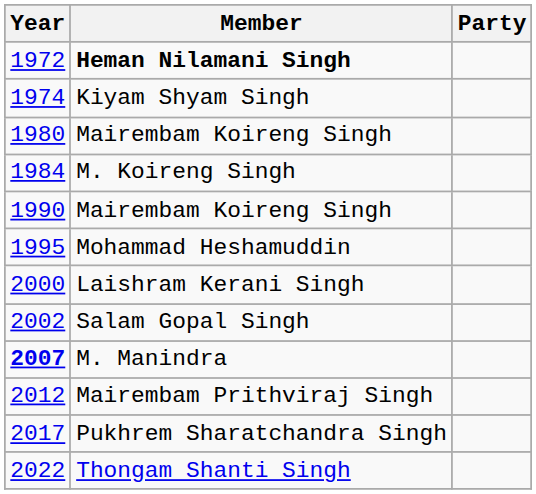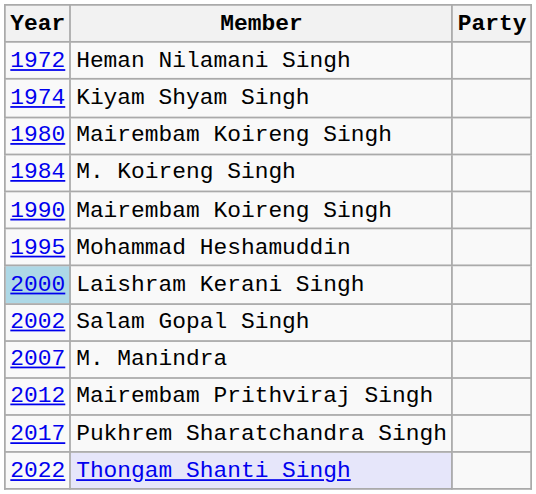 <table class="wikitable sortable">
 <tr>
 <th>Year</th>
 <th>Member</th>
 <th colspan="2">Party</th>
 </tr>
 <tr>
 <td><a href='#'>1972</a></td>
-<td><strong>Heman Nilamani Singh</strong></td>
+<td>Heman Nilamani Singh</td>
 <td></td>
 </tr>
 <tr>
 <td><a href='#'>1974</a></td>
 <td>Kiyam Shyam Singh</td>
 <td></td>
 </tr>
 <tr>
 <td><a href='#'>1980</a></td>
 <td>Mairembam Koireng Singh</td>
 <td></td>
 </tr>
 <tr>
 <td><a href='#'>1984</a></td>
 <td>M. Koireng Singh</td>
 </tr>
 <tr>
 <td><a href='#'>1990</a></td>
 <td>Mairembam Koireng Singh</td>
 <td></td>
 </tr>
 <tr>
 <td><a href='#'>1995</a></td>
 <td>Mohammad Heshamuddin</td>
 <td></td>
 </tr>
 <tr>
-<td><a href='#'>2000</a></td>
+<td style="background: lightblue;"><a href='#'>2000</a></td>
 <td>Laishram Kerani Singh</td>
 <td></td>
 </tr>
 <tr>
 <td><a href='#'>2002</a></td>
 <td>Salam Gopal Singh</td>
 <td></td>
 </tr>
 <tr>
-<td><strong><a href='#'>2007</a></strong></td>
+<td><a href='#'>2007</a></td>
 <td>M. Manindra</td>
 <td></td>
 </tr>
 <tr>
 <td><a href='#'>2012</a></td>
 <td>Mairembam Prithviraj Singh</td>
 </tr>
 <tr>
 <td><a href='#'>2017</a></td>
 <td>Pukhrem Sharatchandra Singh</td>
 <td></td>
 </tr>
 <tr>
 <td><a href='#'>2022</a></td>
-<td><a href='#'>Thongam Shanti Singh</a></td>
+<td style="background: lavender;"><a href='#'>Thongam Shanti Singh</a></td>
 <td></td>
 </tr>
 </table>
